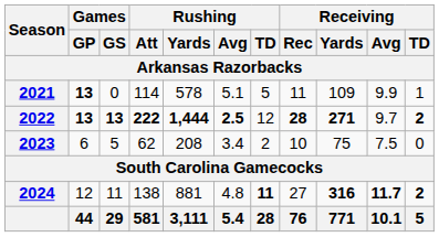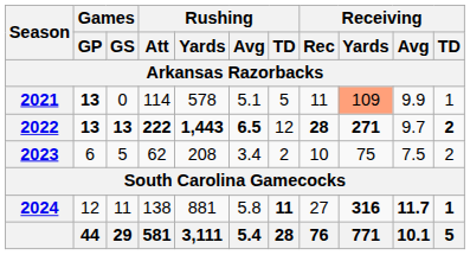 <table class="wikitable" style="text-align:center;">
 <tr>
 <th rowspan="2">Season</th>
 <th colspan="2">Games</th>
 <th colspan="4">Rushing</th>
 <th colspan="4">Receiving</th>
 </tr>
 <tr>
 <th>GP</th>
 <th>GS</th>
 <th>Att</th>
 <th>Yards</th>
 <th>Avg</th>
 <th>TD</th>
 <th>Rec</th>
 <th>Yards</th>
 <th>Avg</th>
 <th>TD</th>
 </tr>
 <tr>
 <th colspan="11">Arkansas Razorbacks</th>
 </tr>
 <tr>
 <th><a href='#'>2021</a></th>
 <td><strong>13</strong></td>
 <td>0</td>
 <td>114</td>
 <td>578</td>
 <td>5.1</td>
 <td>5</td>
 <td>11</td>
-<td>109</td>
+<td style="background: lightsalmon;">109</td>
 <td>9.9</td>
 <td>1</td>
 </tr>
 <tr>
 <th><a href='#'>2022</a></th>
 <td><strong>13</strong></td>
 <td><strong>13</strong></td>
 <td><strong>222</strong></td>
-<td><strong>1,444</strong></td>
-<td><strong>2.5</strong></td>
+<td><strong>1,443</strong></td>
+<td><strong>6.5</strong></td>
 <td>12</td>
 <td><strong>28</strong></td>
 <td><strong>271</strong></td>
 <td>9.7</td>
 <td><strong>2</strong></td>
 </tr>
 <tr>
 <th><a href='#'>2023</a></th>
 <td>6</td>
 <td>5</td>
 <td>62</td>
 <td>208</td>
 <td>3.4</td>
 <td>2</td>
 <td>10</td>
 <td>75</td>
 <td>7.5</td>
-<td>0</td>
+<td>2</td>
 </tr>
 <tr>
 <th colspan="11">South Carolina Gamecocks</th>
 </tr>
 <tr>
 <th><a href='#'>2024</a></th>
 <td>12</td>
 <td>11</td>
 <td>138</td>
 <td>881</td>
-<td>4.8</td>
+<td>5.8</td>
 <td><strong>11</strong></td>
 <td>27</td>
 <td><strong>316</strong></td>
 <td><strong>11.7</strong></td>
-<td><strong>2</strong></td>
+<td><strong>1</strong></td>
 </tr>
 <tr>
 <th></th>
 <th>44</th>
 <th>29</th>
 <th>581</th>
 <th>3,111</th>
 <th>5.4</th>
 <th>28</th>
 <th>76</th>
 <th>771</th>
 <th>10.1</th>
 <th>5</th>
 </tr>
 </table>
